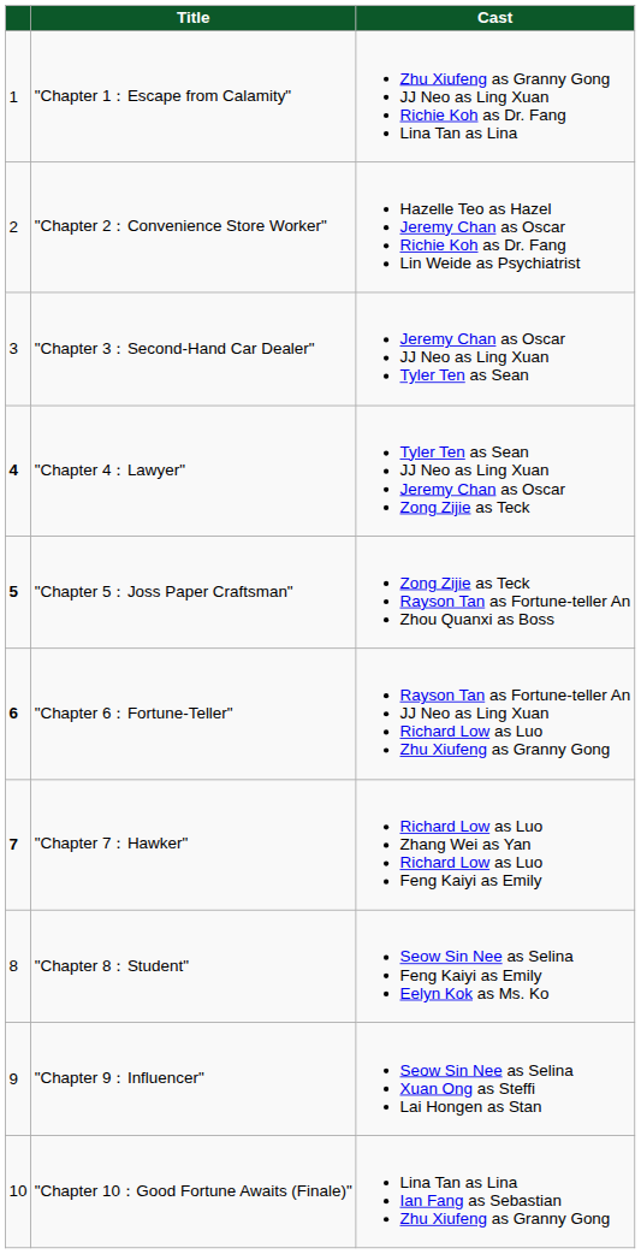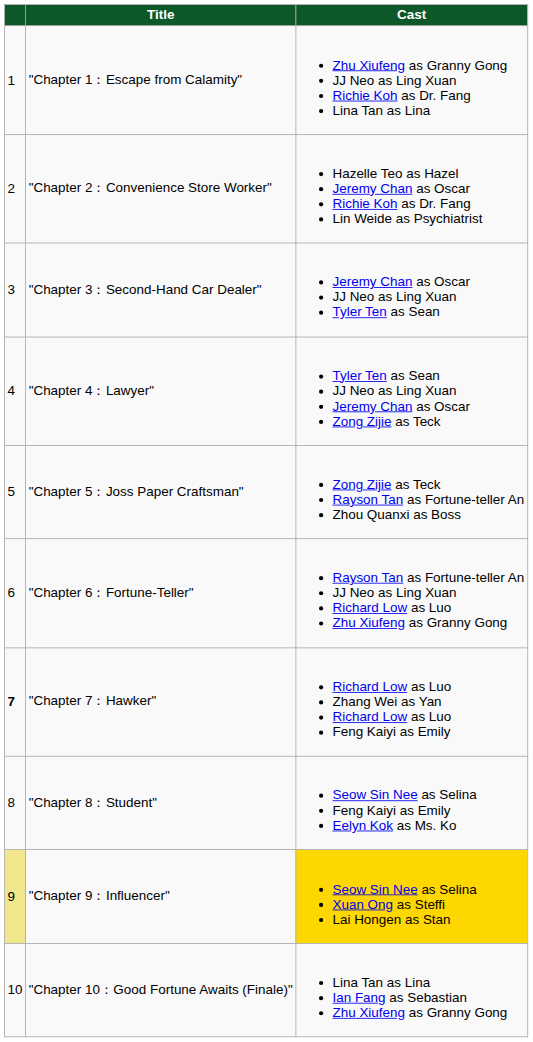 <table class="wikitable sortable">
 <tr>
 <th style="background:#0C5829;color:white;"></th>
 <th style="background:#0C5829;color:white;">Title</th>
 <th style="background:#0C5829;color:white;">Cast</th>
 </tr>
 <tr>
 <td>1</td>
 <td>"Chapter 1：Escape from Calamity"</td>
 <td><br><ul><li><a href='#'>Zhu Xiufeng</a> as Granny Gong</li><li>JJ Neo as Ling Xuan</li><li><a href='#'>Richie Koh</a> as Dr. Fang</li><li>Lina Tan as Lina</li></ul></td>
 </tr>
 <tr>
 <td>2</td>
 <td>"Chapter 2：Convenience Store Worker"</td>
 <td><br><ul><li>Hazelle Teo as Hazel</li><li><a href='#'>Jeremy Chan</a> as Oscar</li><li><a href='#'>Richie Koh</a> as  Dr. Fang</li><li>Lin Weide as Psychiatrist</li></ul></td>
 </tr>
 <tr>
 <td>3</td>
 <td>"Chapter 3：Second-Hand Car Dealer"</td>
 <td><br><ul><li><a href='#'>Jeremy Chan</a> as Oscar</li><li>JJ Neo as Ling Xuan</li><li><a href='#'>Tyler Ten</a> as Sean</li></ul></td>
 </tr>
 <tr>
-<td><strong>4</strong></td>
+<td>4</td>
 <td>"Chapter 4：Lawyer"</td>
 <td><br><ul><li><a href='#'>Tyler Ten</a> as Sean</li><li>JJ Neo as Ling Xuan</li><li><a href='#'>Jeremy Chan</a> as Oscar</li><li><a href='#'>Zong Zijie</a> as Teck</li></ul></td>
 </tr>
 <tr>
-<td><strong>5</strong></td>
+<td>5</td>
 <td>"Chapter 5：Joss Paper Craftsman"</td>
 <td><br><ul><li><a href='#'>Zong Zijie</a> as Teck</li><li><a href='#'>Rayson Tan</a> as Fortune-teller An</li><li>Zhou Quanxi as Boss</li></ul></td>
 </tr>
 <tr>
-<td><strong>6</strong></td>
+<td>6</td>
 <td>"Chapter 6：Fortune-Teller"</td>
 <td><br><ul><li><a href='#'>Rayson Tan</a> as Fortune-teller An</li><li>JJ Neo as Ling Xuan</li><li><a href='#'>Richard Low</a> as Luo</li><li><a href='#'>Zhu Xiufeng</a> as Granny Gong</li></ul></td>
 </tr>
 <tr>
 <td><strong>7</strong></td>
 <td>"Chapter 7：Hawker"</td>
 <td><br><ul><li><a href='#'>Richard Low</a> as Luo</li><li>Zhang Wei as Yan</li><li><a href='#'>Richard Low</a> as Luo</li><li>Feng Kaiyi as Emily</li></ul></td>
 </tr>
 <tr>
 <td>8</td>
 <td>"Chapter 8：Student"</td>
 <td><br><ul><li><a href='#'>Seow Sin Nee</a> as Selina</li><li>Feng Kaiyi as Emily</li><li><a href='#'>Eelyn Kok</a> as Ms. Ko</li></ul></td>
 </tr>
 <tr>
-<td>9</td>
+<td style="background: khaki;">9</td>
 <td>"Chapter 9：Influencer"</td>
-<td><br><ul><li><a href='#'>Seow Sin Nee</a> as Selina</li><li><a href='#'>Xuan Ong</a> as Steffi</li><li>Lai Hongen as Stan</li></ul></td>
+<td style="background: gold;"><br><ul><li><a href='#'>Seow Sin Nee</a> as Selina</li><li><a href='#'>Xuan Ong</a> as Steffi</li><li>Lai Hongen as Stan</li></ul></td>
 </tr>
 <tr>
 <td>10</td>
 <td>"Chapter 10：Good Fortune Awaits (Finale)"</td>
 <td><br><ul><li>Lina Tan as Lina</li><li><a href='#'>Ian Fang</a> as Sebastian</li><li><a href='#'>Zhu Xiufeng</a> as Granny Gong</li></ul></td>
 </tr>
 </table>
